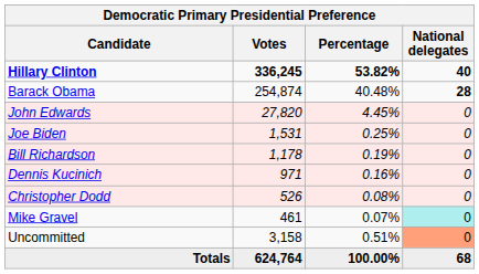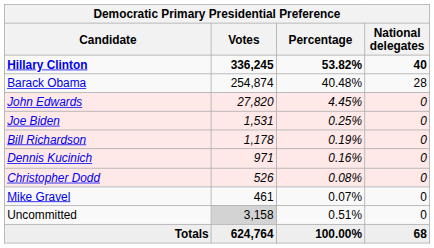 <table class="wikitable" style="font-size:95%; text-align:right;">
 <tr>
 <th colspan="4">Democratic Primary Presidential Preference</th>
 </tr>
 <tr>
 <th style="width: 17em">Candidate</th>
 <th style="width: 5em">Votes</th>
 <th style="width: 7em">Percentage</th>
 <th style="width: 5em">National delegates</th>
 </tr>
 <tr>
 <td align="left"><strong><a href='#'>Hillary Clinton</a></strong></td>
 <td><strong>336,245</strong></td>
 <td><strong>53.82%</strong></td>
 <td><strong>40</strong></td>
 </tr>
 <tr>
 <td align="left"><a href='#'>Barack Obama</a></td>
 <td>254,874</td>
 <td>40.48%</td>
-<td><strong>28</strong></td>
+<td>28</td>
 </tr>
 <tr bgcolor=#FFE8E8>
 <td align="left"><em><a href='#'>John Edwards</a></em></td>
 <td><em>27,820</em></td>
 <td><em>4.45%</em></td>
 <td><em>0</em></td>
 </tr>
 <tr bgcolor=#FFE8E8>
 <td align="left"><em><a href='#'>Joe Biden</a></em></td>
 <td><em>1,531</em></td>
 <td><em>0.25%</em></td>
 <td><em>0</em></td>
 </tr>
 <tr bgcolor=#FFE8E8>
 <td align="left"><em><a href='#'>Bill Richardson</a></em></td>
 <td><em>1,178</em></td>
 <td><em>0.19%</em></td>
 <td><em>0</em></td>
 </tr>
 <tr bgcolor=#FFE8E8>
 <td align="left"><em><a href='#'>Dennis Kucinich</a></em></td>
 <td><em>971</em></td>
 <td><em>0.16%</em></td>
 <td><em>0</em></td>
 </tr>
 <tr bgcolor=#FFE8E8>
 <td align="left"><em><a href='#'>Christopher Dodd</a></em></td>
 <td><em>526</em></td>
 <td><em>0.08%</em></td>
 <td><em>0</em></td>
 </tr>
 <tr>
 <td align="left"><a href='#'>Mike Gravel</a></td>
 <td>461</td>
 <td>0.07%</td>
-<td style="background: paleturquoise;">0</td>
+<td>0</td>
 </tr>
 <tr>
 <td align="left">Uncommitted</td>
-<td>3,158</td>
+<td style="background: lightgrey;">3,158</td>
 <td>0.51%</td>
-<td style="background: lightsalmon;">0</td>
+<td>0</td>
 </tr>
 <tr bgcolor="#EEEEEE" style="margin-right:0.5em">
 <td><strong>Totals</strong></td>
 <td><strong>624,764</strong></td>
 <td><strong>100.00%</strong></td>
 <td><strong>68</strong></td>
 </tr>
 </table>
